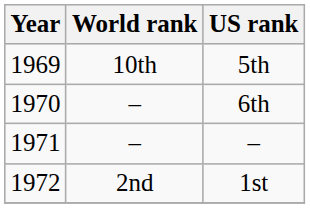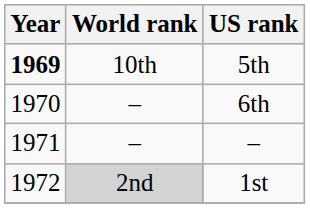 <table class=wikitable>
 <tr>
 <th>Year</th>
 <th>World rank</th>
 <th>US rank</th>
 </tr>
 <tr>
-<td>1969</td>
+<td><strong>1969</strong></td>
 <td align="center">10th</td>
 <td align="center">5th</td>
 </tr>
 <tr>
 <td>1970</td>
 <td align="center">–</td>
 <td align="center">6th</td>
 </tr>
 <tr>
 <td>1971</td>
 <td align="center">–</td>
 <td align="center">–</td>
 </tr>
 <tr>
 <td>1972</td>
-<td align="center">2nd</td>
+<td align="center" style="background: lightgrey;">2nd</td>
 <td align="center">1st</td>
 </tr>
 <tr>
 </tr>
 </table>
